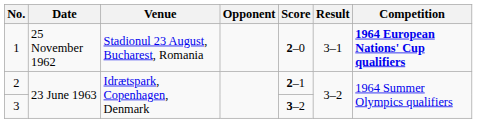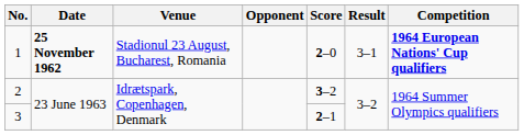 <table class="wikitable plainrowheaders">
 <tr>
 <th>No.</th>
 <th>Date</th>
 <th>Venue</th>
 <th>Opponent</th>
 <th>Score</th>
 <th>Result</th>
 <th>Competition</th>
 </tr>
 <tr>
 <td align="center">1</td>
-<td>25 November 1962</td>
+<td><strong>25 November 1962</strong></td>
 <td><a href='#'>Stadionul 23 August</a>, <a href='#'>Bucharest</a>, Romania</td>
 <td></td>
 <td align="center"><strong>2</strong>–0</td>
 <td align="center">3–1</td>
 <td><strong><a href='#'>1964 European Nations' Cup qualifiers</a></strong></td>
 </tr>
 <tr>
 <td align="center">2</td>
 <td rowspan="2">23 June 1963</td>
 <td rowspan="2"><a href='#'>Idrætspark</a>, <a href='#'>Copenhagen</a>, Denmark</td>
 <td rowspan="2"></td>
-<td align="center"><strong>2</strong>–1</td>
+<td align="center"><strong>3</strong>–2</td>
 <td align="center" rowspan="2">3–2</td>
 <td rowspan="2"><a href='#'>1964 Summer Olympics qualifiers</a></td>
 </tr>
 <tr>
 <td align="center">3</td>
-<td align="center"><strong>3</strong>–2</td>
+<td align="center"><strong>2</strong>–1</td>
 </tr>
 </table>
